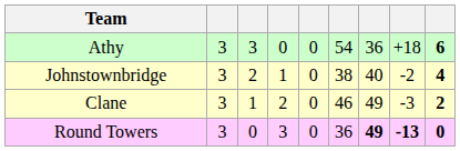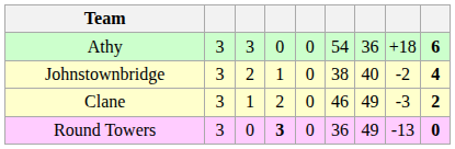 <table class="wikitable" style="text-align:center">
 <tr>
 <th style="width:175px;">Team</th>
 <th width="20"></th>
 <th width="20"></th>
 <th width="20"></th>
 <th width="20"></th>
 <th width="20"></th>
 <th width="20"></th>
 <th width="20"></th>
 <th width="20"></th>
 </tr>
 <tr style="background:#cfc;">
 <td>Athy</td>
 <td>3</td>
 <td>3</td>
 <td>0</td>
 <td>0</td>
 <td>54</td>
 <td>36</td>
 <td>+18</td>
 <td><strong>6</strong></td>
 </tr>
 <tr style="background:#ffffcc;">
 <td>Johnstownbridge</td>
 <td>3</td>
 <td>2</td>
 <td>1</td>
 <td>0</td>
 <td>38</td>
 <td>40</td>
 <td>-2</td>
 <td><strong>4</strong></td>
 </tr>
 <tr style="background:#ffffcc;">
 <td>Clane</td>
 <td>3</td>
 <td>1</td>
 <td>2</td>
 <td>0</td>
 <td>46</td>
 <td>49</td>
 <td>-3</td>
 <td><strong>2</strong></td>
 </tr>
 <tr style="background:#fcf;">
 <td>Round Towers</td>
 <td>3</td>
 <td>0</td>
-<td>3</td>
+<td><strong>3</strong></td>
 <td>0</td>
 <td>36</td>
-<td><strong>49</strong></td>
-<td><strong>-13</strong></td>
+<td>49</td>
+<td>-13</td>
 <td><strong>0</strong></td>
 </tr>
 </table>
